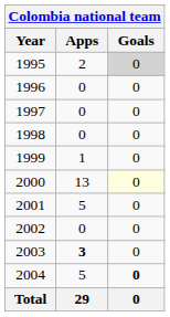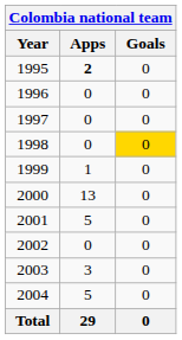 <table class="wikitable" style="text-align:center">
 <tr>
 <th colspan=3><a href='#'>Colombia national team</a></th>
 </tr>
 <tr>
 <th>Year</th>
 <th>Apps</th>
 <th>Goals</th>
 </tr>
 <tr>
 <td>1995</td>
-<td>2</td>
-<td style="background: lightgrey;">0</td>
+<td><strong>2</strong></td>
+<td>0</td>
 </tr>
 <tr>
 <td>1996</td>
 <td>0</td>
 <td>0</td>
 </tr>
 <tr>
 <td>1997</td>
 <td>0</td>
 <td>0</td>
 </tr>
 <tr>
 <td>1998</td>
 <td>0</td>
-<td>0</td>
+<td style="background: gold;">0</td>
 </tr>
 <tr>
 <td>1999</td>
 <td>1</td>
 <td>0</td>
 </tr>
 <tr>
 <td>2000</td>
 <td>13</td>
-<td style="background: lightyellow;">0</td>
+<td>0</td>
 </tr>
 <tr>
 <td>2001</td>
 <td>5</td>
 <td>0</td>
 </tr>
 <tr>
 <td>2002</td>
 <td>0</td>
 <td>0</td>
 </tr>
 <tr>
 <td>2003</td>
-<td><strong>3</strong></td>
+<td>3</td>
 <td>0</td>
 </tr>
 <tr>
 <td>2004</td>
 <td>5</td>
-<td><strong>0</strong></td>
+<td>0</td>
 </tr>
 <tr>
 <th>Total</th>
 <th>29</th>
 <th>0</th>
 </tr>
 </table>
